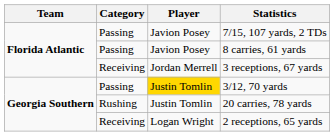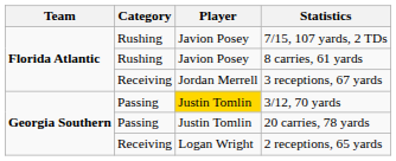 <table class="wikitable" style="float: left;">
 <tr>
 <th>Team</th>
 <th>Category</th>
 <th>Player</th>
 <th>Statistics</th>
 </tr>
 <tr>
 <td rowspan=3><strong>Florida Atlantic</strong></td>
-<td>Passing</td>
+<td>Rushing</td>
 <td>Javion Posey</td>
 <td>7/15, 107 yards, 2 TDs</td>
 </tr>
 <tr>
-<td>Passing</td>
+<td>Rushing</td>
 <td>Javion Posey</td>
 <td>8 carries, 61 yards</td>
 </tr>
 <tr>
 <td>Receiving</td>
 <td>Jordan Merrell</td>
 <td>3 receptions, 67 yards</td>
 </tr>
 <tr>
 <td rowspan=3><strong>Georgia Southern</strong></td>
 <td>Passing</td>
 <td style="background: gold;">Justin Tomlin</td>
 <td>3/12, 70 yards</td>
 </tr>
 <tr>
-<td>Rushing</td>
+<td>Passing</td>
 <td>Justin Tomlin</td>
 <td>20 carries, 78 yards</td>
 </tr>
 <tr>
 <td>Receiving</td>
 <td>Logan Wright</td>
 <td>2 receptions, 65 yards</td>
 </tr>
 </table>
